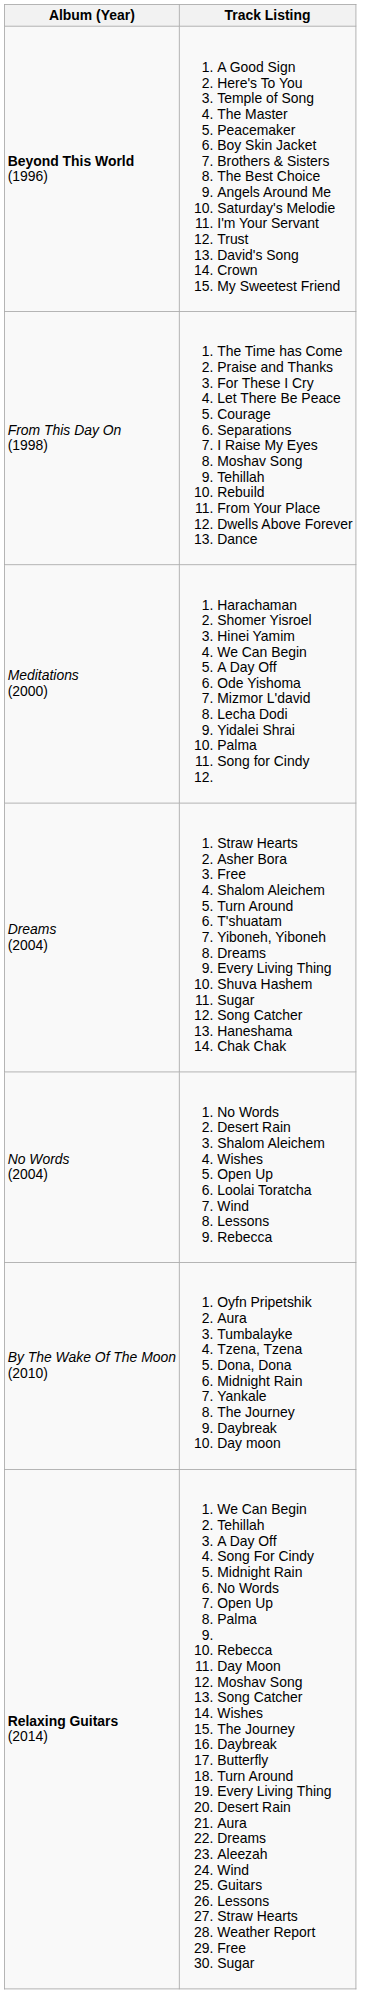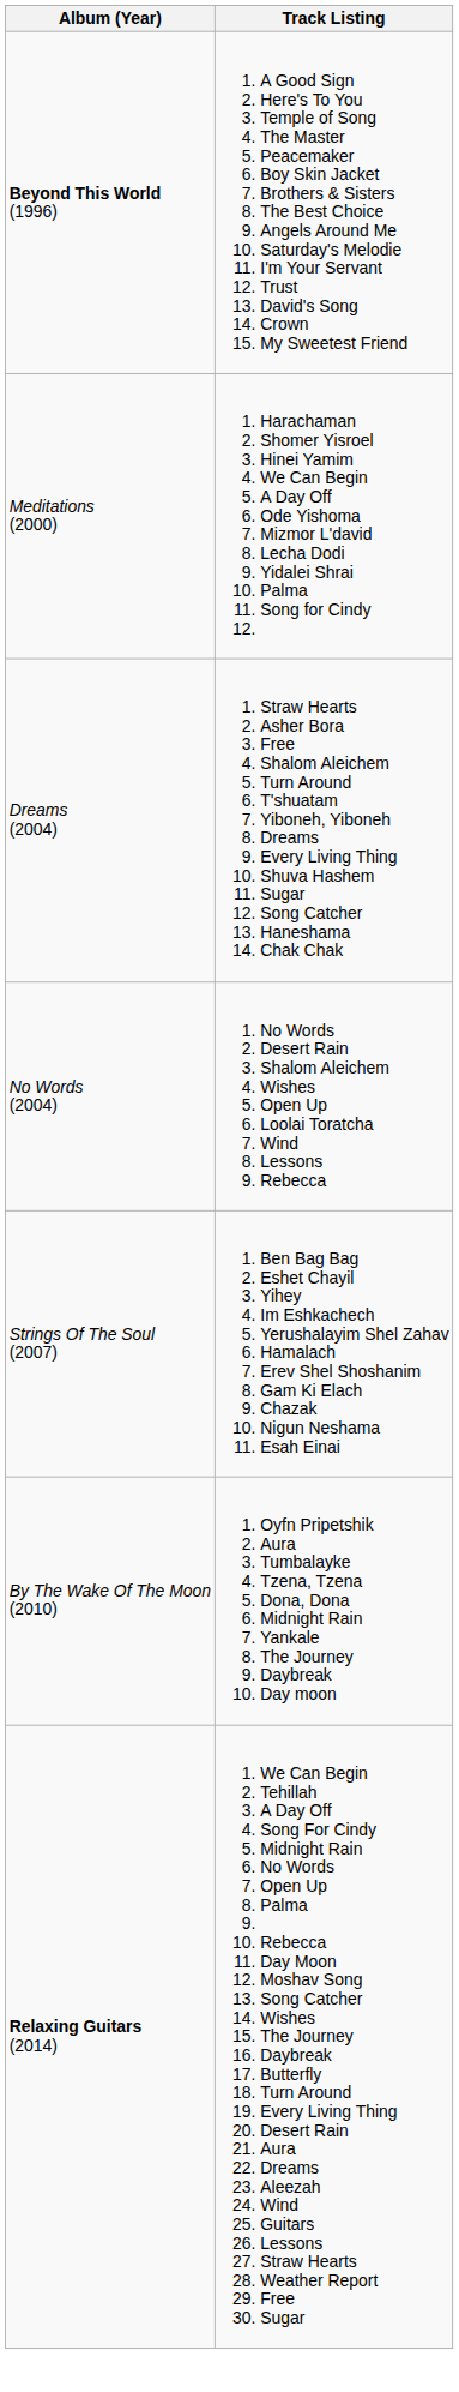 <table class="wikitable">
 <tr>
 <th>Album (Year)</th>
 <th>Track Listing</th>
 </tr>
 <tr>
 <td><strong>Beyond This World</strong><br>(1996)</td>
 <td><br><ol><li>A Good Sign</li><li>Here's To You</li><li>Temple of Song</li><li>The Master</li><li>Peacemaker</li><li>Boy Skin Jacket</li><li>Brothers & Sisters</li><li>The Best Choice</li><li>Angels Around Me</li><li>Saturday's Melodie</li><li>I'm Your Servant</li><li>Trust</li><li>David's Song</li><li>Crown</li><li>My Sweetest Friend</li></ol></td>
-</tr>
-<tr>
-<td><em>From This Day On</em><br>(1998)</td>
-<td><br><ol><li>The Time has Come</li><li>Praise and Thanks</li><li>For These I Cry</li><li>Let There Be Peace</li><li>Courage</li><li>Separations</li><li>I Raise My Eyes</li><li>Moshav Song</li><li>Tehillah</li><li>Rebuild</li><li>From Your Place</li><li>Dwells Above Forever</li><li>Dance</li></ol></td>
 </tr>
 <tr>
 <td><em>Meditations</em><br>(2000)</td>
 <td><br><ol><li>Harachaman</li><li>Shomer Yisroel</li><li>Hinei Yamim</li><li>We Can Begin</li><li>A Day Off</li><li>Ode Yishoma</li><li>Mizmor L'david</li><li>Lecha Dodi</li><li>Yidalei Shrai</li><li>Palma</li><li>Song for Cindy</li><li></li></ol></td>
 </tr>
 <tr>
 <td><em>Dreams</em><br>(2004)</td>
 <td><br><ol><li>Straw Hearts</li><li>Asher Bora</li><li>Free</li><li>Shalom Aleichem</li><li>Turn Around</li><li>T'shuatam</li><li>Yiboneh, Yiboneh</li><li>Dreams</li><li>Every Living Thing</li><li>Shuva Hashem</li><li>Sugar</li><li>Song Catcher</li><li>Haneshama</li><li>Chak Chak</li></ol></td>
 </tr>
 <tr>
 <td><em>No Words</em><br>(2004)</td>
 <td><br><ol><li>No Words</li><li>Desert Rain</li><li>Shalom Aleichem</li><li>Wishes</li><li>Open Up</li><li>Loolai Toratcha</li><li>Wind</li><li>Lessons</li><li>Rebecca</li></ol></td>
 </tr>
 <tr>
+<td><em>Strings Of The Soul</em><br>(2007)</td>
+<td><br><ol><li>Ben Bag Bag</li><li>Eshet Chayil</li><li>Yihey</li><li>Im Eshkachech</li><li>Yerushalayim Shel Zahav</li><li>Hamalach</li><li>Erev Shel Shoshanim</li><li>Gam Ki Elach</li><li>Chazak</li><li>Nigun Neshama</li><li>Esah Einai</li></ol></td>
+</tr>
+<tr>
 <td><em>By The Wake Of The Moon</em><br>(2010)</td>
 <td><br><ol><li>Oyfn Pripetshik</li><li>Aura</li><li>Tumbalayke</li><li>Tzena, Tzena</li><li>Dona, Dona</li><li>Midnight Rain</li><li>Yankale</li><li>The Journey</li><li>Daybreak</li><li>Day moon</li></ol></td>
 </tr>
 <tr>
 <td><strong>Relaxing Guitars</strong><br>(2014)</td>
 <td><br><ol><li>We Can Begin</li><li>Tehillah</li><li>A Day Off</li><li>Song For Cindy</li><li>Midnight Rain</li><li>No Words</li><li>Open Up</li><li>Palma</li><li></li><li>Rebecca</li><li>Day Moon</li><li>Moshav Song</li><li>Song Catcher</li><li>Wishes</li><li>The Journey</li><li>Daybreak</li><li>Butterfly</li><li>Turn Around</li><li>Every Living Thing</li><li>Desert Rain</li><li>Aura</li><li>Dreams</li><li>Aleezah</li><li>Wind</li><li>Guitars</li><li>Lessons</li><li>Straw Hearts</li><li>Weather Report</li><li>Free</li><li>Sugar</li></ol></td>
 </tr>
 </table>
